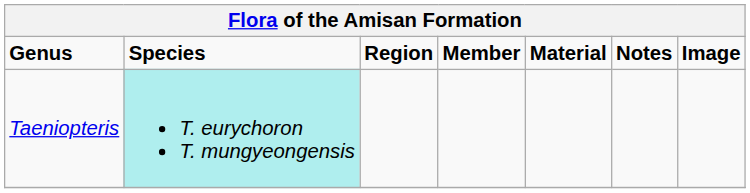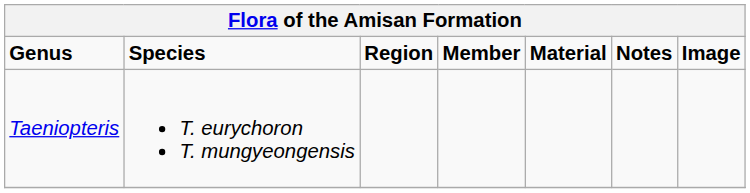 <table class="wikitable">
 <tr>
 <th colspan="7"><a href='#'>Flora</a> of the Amisan Formation</th>
 </tr>
 <tr>
 <td><strong>Genus</strong></td>
 <td><strong>Species</strong></td>
 <td><strong>Region</strong></td>
 <td><strong>Member</strong></td>
 <td><strong>Material</strong></td>
 <td><strong>Notes</strong></td>
 <td><strong>Image</strong></td>
 </tr>
 <tr>
 <td><em><a href='#'>Taeniopteris</a></em></td>
-<td style="background: paleturquoise;"><br><ul><li><em>T. eurychoron</em></li><li><em>T. mungyeongensis</em></li></ul></td>
+<td><br><ul><li><em>T. eurychoron</em></li><li><em>T. mungyeongensis</em></li></ul></td>
 <td></td>
 <td></td>
 <td></td>
 <td></td>
 <td></td>
 </tr>
 <tr>
 </tr>
 </table>
